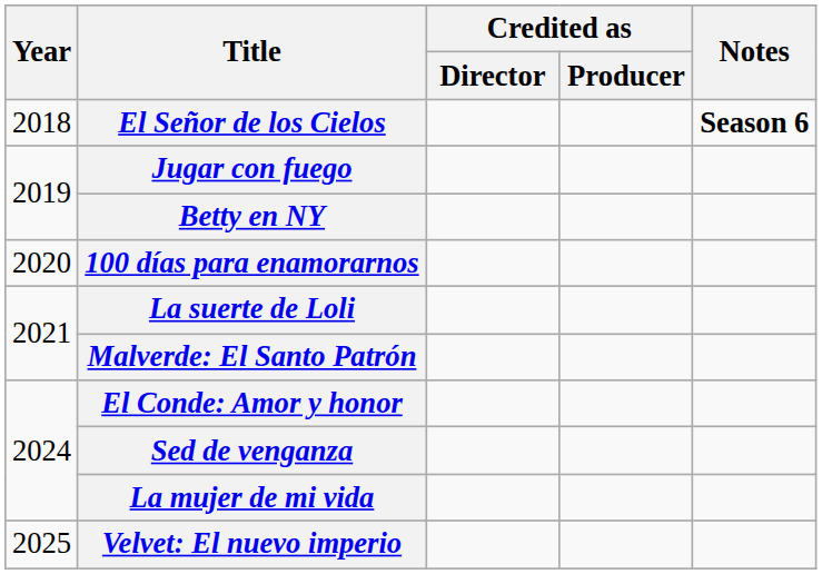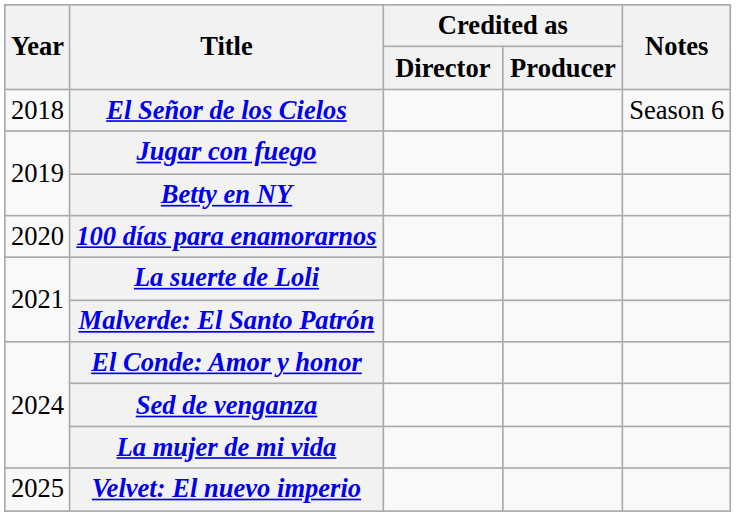 <table class="wikitable plainrowheaders" style="text-align:center">
 <tr>
 <th scope="col" rowspan="2">Year</th>
 <th rowspan="2" scope="col">Title</th>
 <th scope="col" colspan="2">Credited as</th>
 <th scope="col" rowspan="2" class="unsortable">Notes</th>
 </tr>
 <tr>
 <th width="65">Director</th>
 <th width="65">Producer</th>
 </tr>
 <tr>
 <td>2018</td>
 <th scope=row><em><a href='#'>El Señor de los Cielos</a></em></th>
 <td></td>
 <td></td>
-<td><strong>Season 6</strong></td>
+<td>Season 6</td>
 </tr>
 <tr>
 <td rowspan=2>2019</td>
 <th scope=row><em><a href='#'>Jugar con fuego</a></em></th>
 <td></td>
 <td></td>
 <td></td>
 </tr>
 <tr>
 <th scope=row><em><a href='#'>Betty en NY</a></em></th>
 <td></td>
 <td></td>
 <td></td>
 </tr>
 <tr>
 <td>2020</td>
 <th scope=row><em><a href='#'>100 días para enamorarnos</a></em></th>
 <td></td>
 <td></td>
 <td></td>
 </tr>
 <tr>
 <td rowspan=2>2021</td>
 <th scope=row><em><a href='#'>La suerte de Loli</a></em></th>
 <td></td>
 <td></td>
 <td></td>
 </tr>
 <tr>
 <th scope=row><em><a href='#'>Malverde: El Santo Patrón</a></em></th>
 <td></td>
 <td></td>
 <td></td>
 </tr>
 <tr>
 <td rowspan=3>2024</td>
 <th scope=row><em><a href='#'>El Conde: Amor y honor</a></em></th>
 <td></td>
 <td></td>
 <td></td>
 </tr>
 <tr>
 <th scope=row><em><a href='#'>Sed de venganza</a></em></th>
 <td></td>
 <td></td>
 <td></td>
 </tr>
 <tr>
 <th scope=row><em><a href='#'>La mujer de mi vida</a></em></th>
 <td></td>
 <td></td>
 <td></td>
 </tr>
 <tr>
 <td>2025</td>
 <th scope=row><em><a href='#'>Velvet: El nuevo imperio</a></em></th>
 <td></td>
 <td></td>
 <td></td>
 </tr>
 </table>
